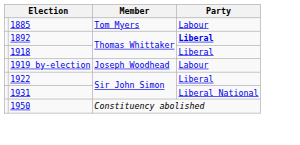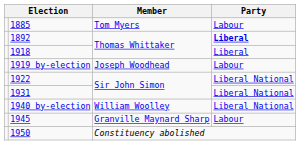 <table class="wikitable">
 <tr>
 <th colspan="2">Election</th>
 <th>Member</th>
 <th>Party</th>
 </tr>
 <tr>
 <td style="color:inherit;background-color: "></td>
 <td><a href='#'>1885</a></td>
 <td><a href='#'>Tom Myers</a></td>
 <td><a href='#'>Labour</a></td>
 </tr>
 <tr>
 <td style="color:inherit;background-color: "></td>
 <td><a href='#'>1892</a></td>
 <td rowspan="2"><a href='#'>Thomas Whittaker</a></td>
 <td><strong><a href='#'>Liberal</a></strong></td>
 </tr>
 <tr>
 <td style="color:inherit;background-color: "></td>
 <td><a href='#'>1918</a></td>
 <td><a href='#'>Liberal</a></td>
 </tr>
 <tr>
 <td style="color:inherit;background-color: "></td>
 <td><a href='#'>1919 by-election</a></td>
 <td><a href='#'>Joseph Woodhead</a></td>
 <td><a href='#'>Labour</a></td>
 </tr>
 <tr>
 <td style="color:inherit;background-color: "></td>
 <td><a href='#'>1922</a></td>
 <td rowspan="2"><a href='#'>Sir John Simon</a></td>
-<td><a href='#'>Liberal</a></td>
+<td><a href='#'>Liberal National</a></td>
 </tr>
 <tr>
 <td style="color:inherit;background-color: "></td>
 <td><a href='#'>1931</a></td>
 <td><a href='#'>Liberal National</a></td>
 </tr>
 <tr>
+<td style="color:inherit;background-color: "></td>
+<td><a href='#'>1940 by-election</a></td>
+<td><a href='#'>William Woolley</a></td>
+<td><a href='#'>Liberal National</a></td>
+</tr>
+<tr>
+<td style="color:inherit;background-color: "></td>
+<td><a href='#'>1945</a></td>
+<td><a href='#'>Granville Maynard Sharp</a></td>
+<td><a href='#'>Labour</a></td>
+</tr>
+<tr>
 <td></td>
 <td><a href='#'>1950</a></td>
 <td colspan="2"><em>Constituency abolished</em></td>
 </tr>
 </table>
